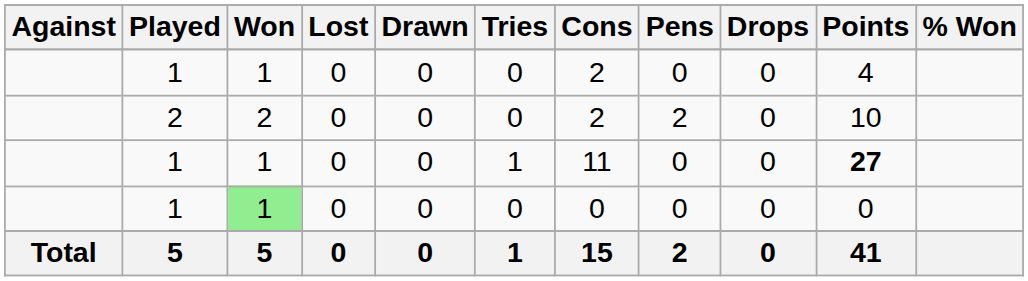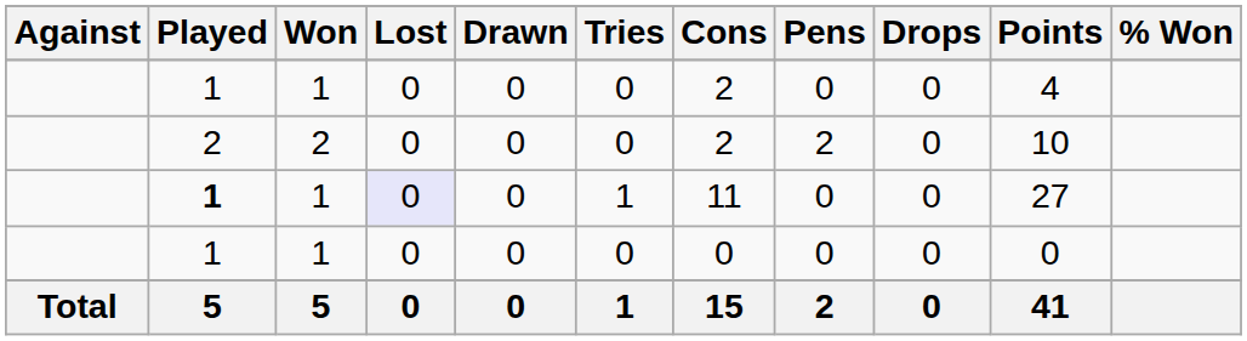 <table class="sortable wikitable" style="text-align: center;">
 <tr>
 </tr>
 <tr>
 <th>Against</th>
 <th>Played</th>
 <th>Won</th>
 <th>Lost</th>
 <th>Drawn</th>
 <th>Tries</th>
 <th>Cons</th>
 <th>Pens</th>
 <th>Drops</th>
 <th>Points</th>
 <th>% Won</th>
 </tr>
 <tr bgcolor="#d0ffd0" align="center">
 </tr>
 <tr>
 <td align="left"></td>
 <td>1</td>
 <td>1</td>
 <td>0</td>
 <td>0</td>
 <td>0</td>
 <td>2</td>
 <td>0</td>
 <td>0</td>
 <td>4</td>
 <td></td>
 </tr>
 <tr>
 <td align="left"></td>
 <td>2</td>
 <td>2</td>
 <td>0</td>
 <td>0</td>
 <td>0</td>
 <td>2</td>
 <td>2</td>
 <td>0</td>
 <td>10</td>
 <td></td>
 </tr>
 <tr>
 <td align="left"></td>
+<td><strong>1</strong></td>
 <td>1</td>
-<td>1</td>
-<td>0</td>
+<td style="background: lavender;">0</td>
 <td>0</td>
 <td>1</td>
 <td>11</td>
 <td>0</td>
 <td>0</td>
-<td><strong>27</strong></td>
+<td>27</td>
 <td></td>
 </tr>
 <tr>
 <td align="left"></td>
 <td>1</td>
-<td style="background: lightgreen;">1</td>
+<td>1</td>
 <td>0</td>
 <td>0</td>
 <td>0</td>
 <td>0</td>
 <td>0</td>
 <td>0</td>
 <td>0</td>
 <td></td>
 </tr>
 <tr>
 </tr>
 <tr class="sortbottom">
 <th>Total</th>
 <th>5</th>
 <th>5</th>
 <th>0</th>
 <th>0</th>
 <th>1</th>
 <th>15</th>
 <th>2</th>
 <th>0</th>
 <th>41</th>
 <th></th>
 </tr>
 </table>
